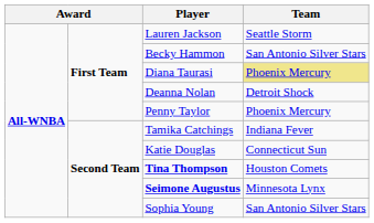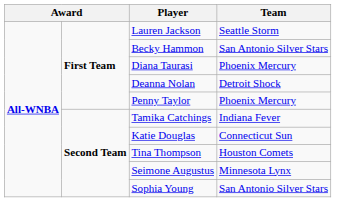 <table class="wikitable">
 <tr>
 <th colspan="2">Award</th>
 <th>Player</th>
 <th>Team</th>
 </tr>
 <tr>
 <td rowspan=10><strong><a href='#'>All-WNBA</a></strong></td>
 <td rowspan=5><strong>First Team</strong></td>
 <td><a href='#'>Lauren Jackson</a></td>
 <td><a href='#'>Seattle Storm</a></td>
 </tr>
 <tr>
 <td><a href='#'>Becky Hammon</a></td>
 <td><a href='#'>San Antonio Silver Stars</a></td>
 </tr>
 <tr>
 <td><a href='#'>Diana Taurasi</a></td>
-<td style="background: khaki;"><a href='#'>Phoenix Mercury</a></td>
+<td><a href='#'>Phoenix Mercury</a></td>
 </tr>
 <tr>
 <td><a href='#'>Deanna Nolan</a></td>
 <td><a href='#'>Detroit Shock</a></td>
 </tr>
 <tr>
 <td><a href='#'>Penny Taylor</a></td>
 <td><a href='#'>Phoenix Mercury</a></td>
 </tr>
 <tr>
 <td rowspan=5><strong>Second Team</strong></td>
 <td><a href='#'>Tamika Catchings</a></td>
 <td><a href='#'>Indiana Fever</a></td>
 </tr>
 <tr>
 <td><a href='#'>Katie Douglas</a></td>
 <td><a href='#'>Connecticut Sun</a></td>
 </tr>
 <tr>
-<td><strong><a href='#'>Tina Thompson</a></strong></td>
+<td><a href='#'>Tina Thompson</a></td>
 <td><a href='#'>Houston Comets</a></td>
 </tr>
 <tr>
-<td><strong><a href='#'>Seimone Augustus</a></strong></td>
+<td><a href='#'>Seimone Augustus</a></td>
 <td><a href='#'>Minnesota Lynx</a></td>
 </tr>
 <tr>
 <td><a href='#'>Sophia Young</a></td>
 <td><a href='#'>San Antonio Silver Stars</a></td>
 </tr>
 </table>
